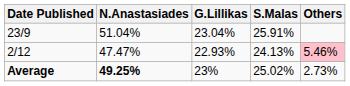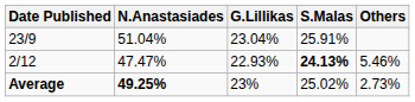 <table class="wikitable">
 <tr style="background:#e9e9e9;">
 <th>Date Published</th>
 <th>N.Anastasiades</th>
 <th>G.Lillikas</th>
 <th>S.Malas</th>
 <th>Others</th>
 </tr>
 <tr>
 <td>23/9</td>
 <td>51.04%</td>
 <td>23.04%</td>
 <td>25.91%</td>
 </tr>
 <tr>
 <td>2/12</td>
 <td>47.47%</td>
 <td>22.93%</td>
-<td>24.13%</td>
-<td style="background: pink;">5.46%</td>
+<td><strong>24.13%</strong></td>
+<td>5.46%</td>
 </tr>
 <tr>
 <td><strong>Average</strong></td>
 <td><strong>49.25%</strong></td>
 <td>23%</td>
 <td>25.02%</td>
 <td>2.73%</td>
 </tr>
 </table>
